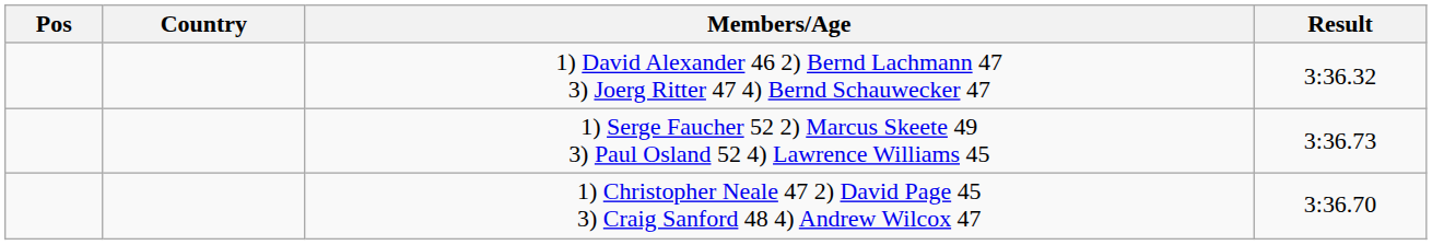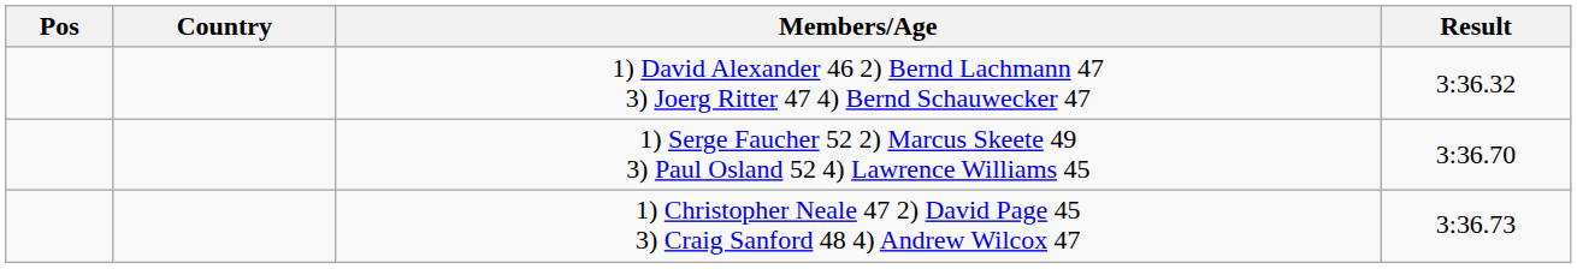 <table class="wikitable"  style="text-align:center; width:60%;">
 <tr>
 <th>Pos</th>
 <th>Country</th>
 <th>Members/Age</th>
 <th>Result</th>
 </tr>
 <tr>
 <td align=center></td>
 <td align=left></td>
 <td>1) <a href='#'>David Alexander</a> 46 2) <a href='#'>Bernd Lachmann</a> 47<br>3) <a href='#'>Joerg Ritter</a> 47 4) <a href='#'>Bernd Schauwecker</a> 47</td>
 <td>3:36.32</td>
 </tr>
 <tr>
 <td align=center></td>
 <td align=left></td>
 <td>1) <a href='#'>Serge Faucher</a> 52 2) <a href='#'>Marcus Skeete</a> 49<br>3) <a href='#'>Paul Osland</a> 52 4) <a href='#'>Lawrence Williams</a> 45</td>
-<td>3:36.73</td>
+<td>3:36.70</td>
 </tr>
 <tr>
 <td align=center></td>
 <td align=left></td>
 <td>1) <a href='#'>Christopher Neale</a> 47 2) <a href='#'>David Page</a> 45<br>3) <a href='#'>Craig Sanford</a> 48 4) <a href='#'>Andrew Wilcox</a> 47</td>
-<td>3:36.70</td>
+<td>3:36.73</td>
 </tr>
 </table>
